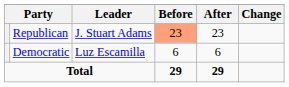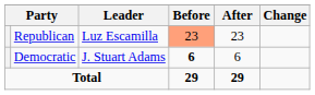 <table class="wikitable" style="text-align:center;">
 <tr>
 </tr>
 <tr>
 <th colspan="2">Party</th>
 <th>Leader</th>
 <th style="width:3em">Before</th>
 <th style="width:3em">After</th>
 <th style="width:3em">Change</th>
 </tr>
 <tr>
 <th style="background-color:"></th>
 <td style="text-align:left;"><a href='#'>Republican</a></td>
-<td style="text-align:left;"><a href='#'>J. Stuart Adams</a></td>
+<td style="text-align:left;"><a href='#'>Luz Escamilla</a></td>
 <td style="background: lightsalmon;">23</td>
 <td>23</td>
 <td></td>
 </tr>
 <tr>
 <th style="background-color:"></th>
 <td style="text-align:left;"><a href='#'>Democratic</a></td>
-<td style="text-align:left;"><a href='#'>Luz Escamilla</a></td>
-<td>6</td>
+<td style="text-align:left;"><a href='#'>J. Stuart Adams</a></td>
+<td><strong>6</strong></td>
 <td>6</td>
 <td></td>
 </tr>
 <tr>
 <td colspan="3"><strong>Total</strong></td>
 <td><strong>29</strong></td>
 <td><strong>29</strong></td>
 <td></td>
 </tr>
 </table>
